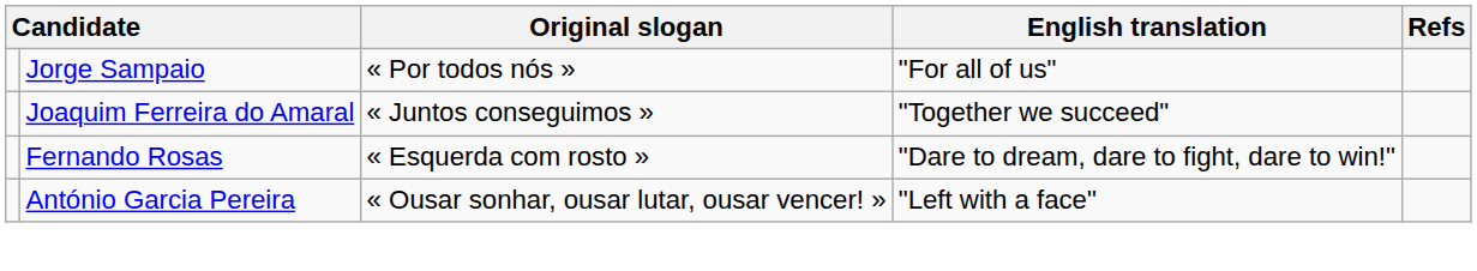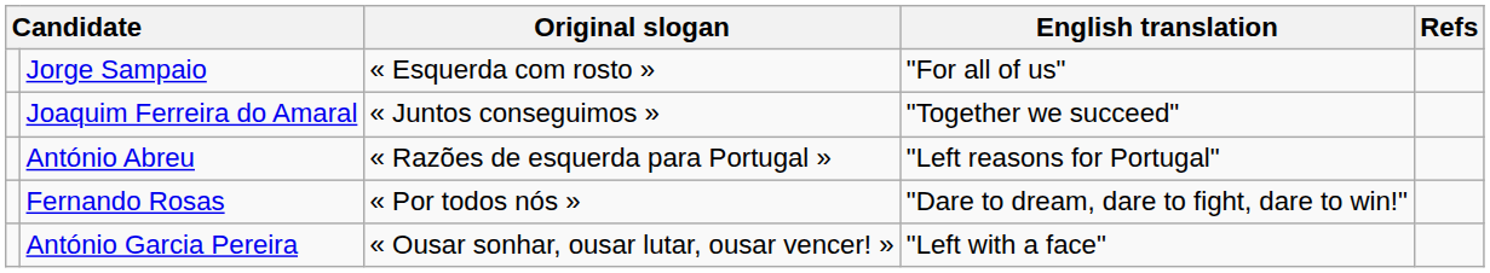 <table class="wikitable" style="font-size:97%; text-align:left;">
 <tr>
 <th style="text-align:left;" colspan="2">Candidate</th>
 <th>Original slogan</th>
 <th>English translation</th>
 <th>Refs</th>
 </tr>
 <tr>
 <td width="1"></td>
 <td><a href='#'>Jorge Sampaio</a></td>
-<td>« Por todos nós »</td>
+<td>« Esquerda com rosto »</td>
 <td>"For all of us"</td>
 <td></td>
 </tr>
 <tr>
 <td></td>
 <td><a href='#'>Joaquim Ferreira do Amaral</a></td>
 <td>« Juntos conseguimos »</td>
 <td>"Together we succeed"</td>
 <td></td>
 </tr>
 <tr>
 <td></td>
+<td><a href='#'>António Abreu</a></td>
+<td>« Razões de esquerda para Portugal »</td>
+<td>"Left reasons for Portugal"</td>
+<td></td>
+</tr>
+<tr>
+<td></td>
 <td><a href='#'>Fernando Rosas</a></td>
-<td>« Esquerda com rosto »</td>
+<td>« Por todos nós »</td>
 <td>"Dare to dream, dare to fight, dare to win!"</td>
 <td></td>
 </tr>
 <tr>
 <td></td>
 <td><a href='#'>António Garcia Pereira</a></td>
 <td>« Ousar sonhar, ousar lutar, ousar vencer! »</td>
 <td>"Left with a face"</td>
 <td></td>
 </tr>
 </table>
